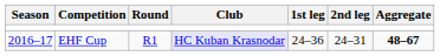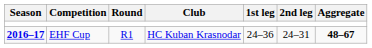 <table class="wikitable">
 <tr>
 <th>Season</th>
 <th>Competition</th>
 <th>Round</th>
 <th>Club</th>
 <th>1st leg</th>
 <th>2nd leg</th>
 <th>Aggregate</th>
 </tr>
 <tr>
 <td colspan="7" bgcolor=white></td>
 </tr>
 <tr>
-<td><a href='#'>2016–17</a></td>
+<td><strong><a href='#'>2016–17</a></strong></td>
 <td><a href='#'>EHF Cup</a></td>
 <td style="text-align:center;"><a href='#'>R1</a></td>
-<td style="background: lavender;"> <a href='#'>HC Kuban Krasnodar</a></td>
+<td> <a href='#'>HC Kuban Krasnodar</a></td>
 <td style="text-align:center;">24–36</td>
 <td style="text-align:center;">24–31</td>
 <td style="text-align:center;"><strong>48–67</strong></td>
 </tr>
 </table>
